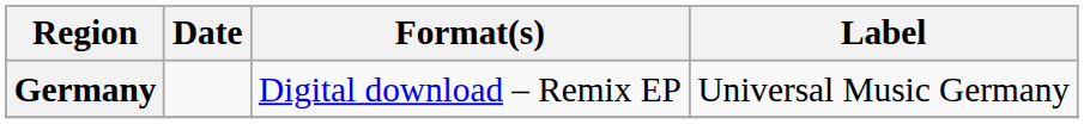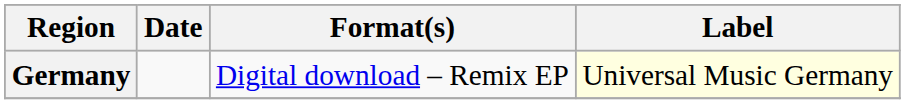 <table class="wikitable plainrowheaders">
 <tr>
 <th scope="col">Region</th>
 <th scope="col">Date</th>
 <th scope="col">Format(s)</th>
 <th scope="col">Label</th>
 </tr>
 <tr>
 <th scope="row" rowspan="1">Germany</th>
 <td></td>
 <td><a href='#'>Digital download</a> – Remix EP</td>
-<td>Universal Music Germany</td>
+<td style="background: lightyellow;">Universal Music Germany</td>
 </tr>
 <tr>
 </tr>
 </table>
